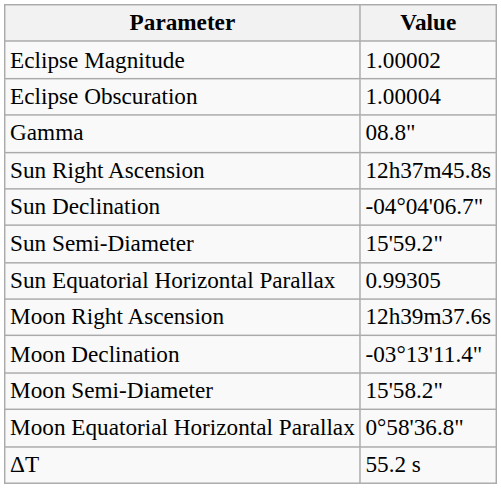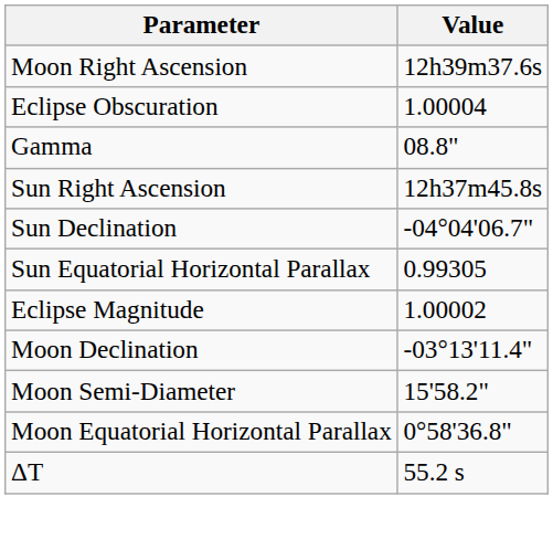 <table class="wikitable">
 <tr>
 <th>Parameter</th>
 <th>Value</th>
 </tr>
 <tr>
-<td>Eclipse Magnitude</td>
-<td>1.00002</td>
+<td>Moon Right Ascension</td>
+<td>12h39m37.6s</td>
 </tr>
 <tr>
 <td>Eclipse Obscuration</td>
 <td>1.00004</td>
 </tr>
 <tr>
 <td>Gamma</td>
 <td>08.8"</td>
 </tr>
 <tr>
 <td>Sun Right Ascension</td>
 <td>12h37m45.8s</td>
 </tr>
 <tr>
 <td>Sun Declination</td>
 <td>-04°04'06.7"</td>
 </tr>
 <tr>
-<td>Sun Semi-Diameter</td>
-<td>15'59.2"</td>
-</tr>
-<tr>
 <td>Sun Equatorial Horizontal Parallax</td>
 <td>0.99305</td>
 </tr>
 <tr>
-<td>Moon Right Ascension</td>
-<td>12h39m37.6s</td>
+<td>Eclipse Magnitude</td>
+<td>1.00002</td>
 </tr>
 <tr>
 <td>Moon Declination</td>
 <td>-03°13'11.4"</td>
 </tr>
 <tr>
 <td>Moon Semi-Diameter</td>
 <td>15'58.2"</td>
 </tr>
 <tr>
 <td>Moon Equatorial Horizontal Parallax</td>
 <td>0°58'36.8"</td>
 </tr>
 <tr>
 <td>ΔT</td>
 <td>55.2 s</td>
 </tr>
 </table>
